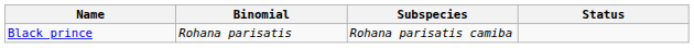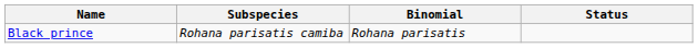 <table width=60% class="wikitable">
 <tr>
 <th width=20%>Name</th>
+<th width=20%>Subspecies</th>
 <th width=20%>Binomial</th>
-<th width=20%>Subspecies</th>
 <th width=20%>Status</th>
 </tr>
 <tr>
 <td><a href='#'>Black prince</a><br>   </td>
+<td><em>Rohana parisatis camiba</em></td>
 <td><em>Rohana parisatis</em></td>
-<td><em>Rohana parisatis camiba</em></td>
 <td></td>
 </tr>
 </table>
